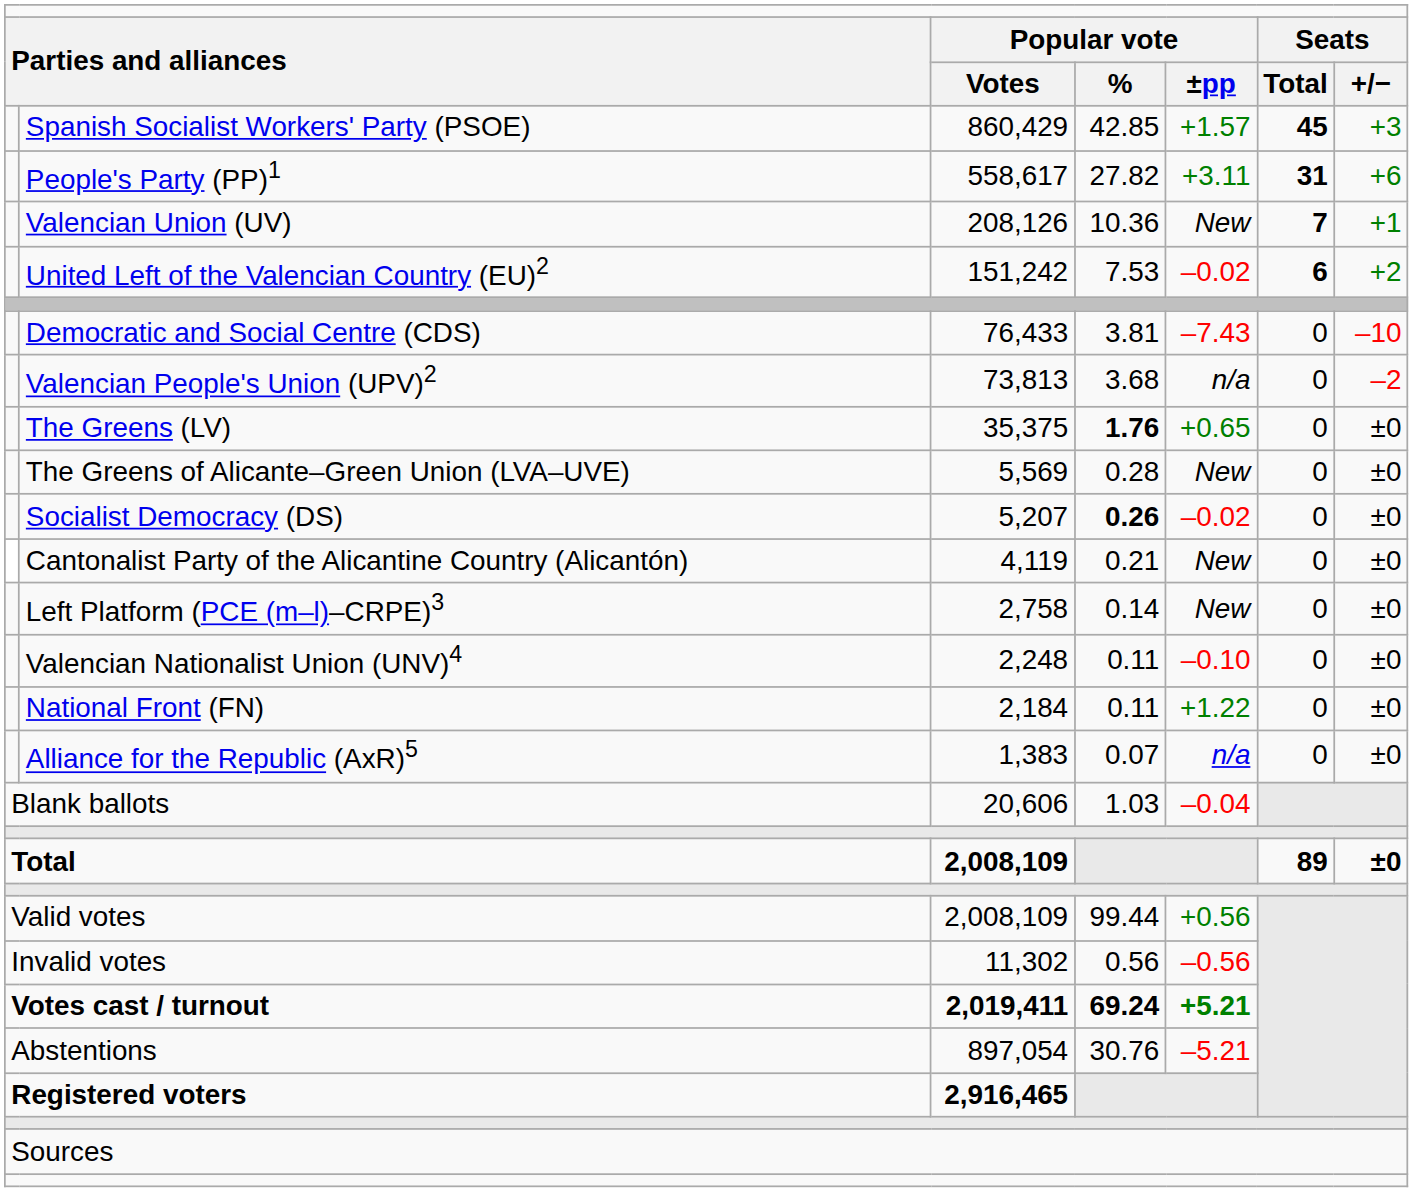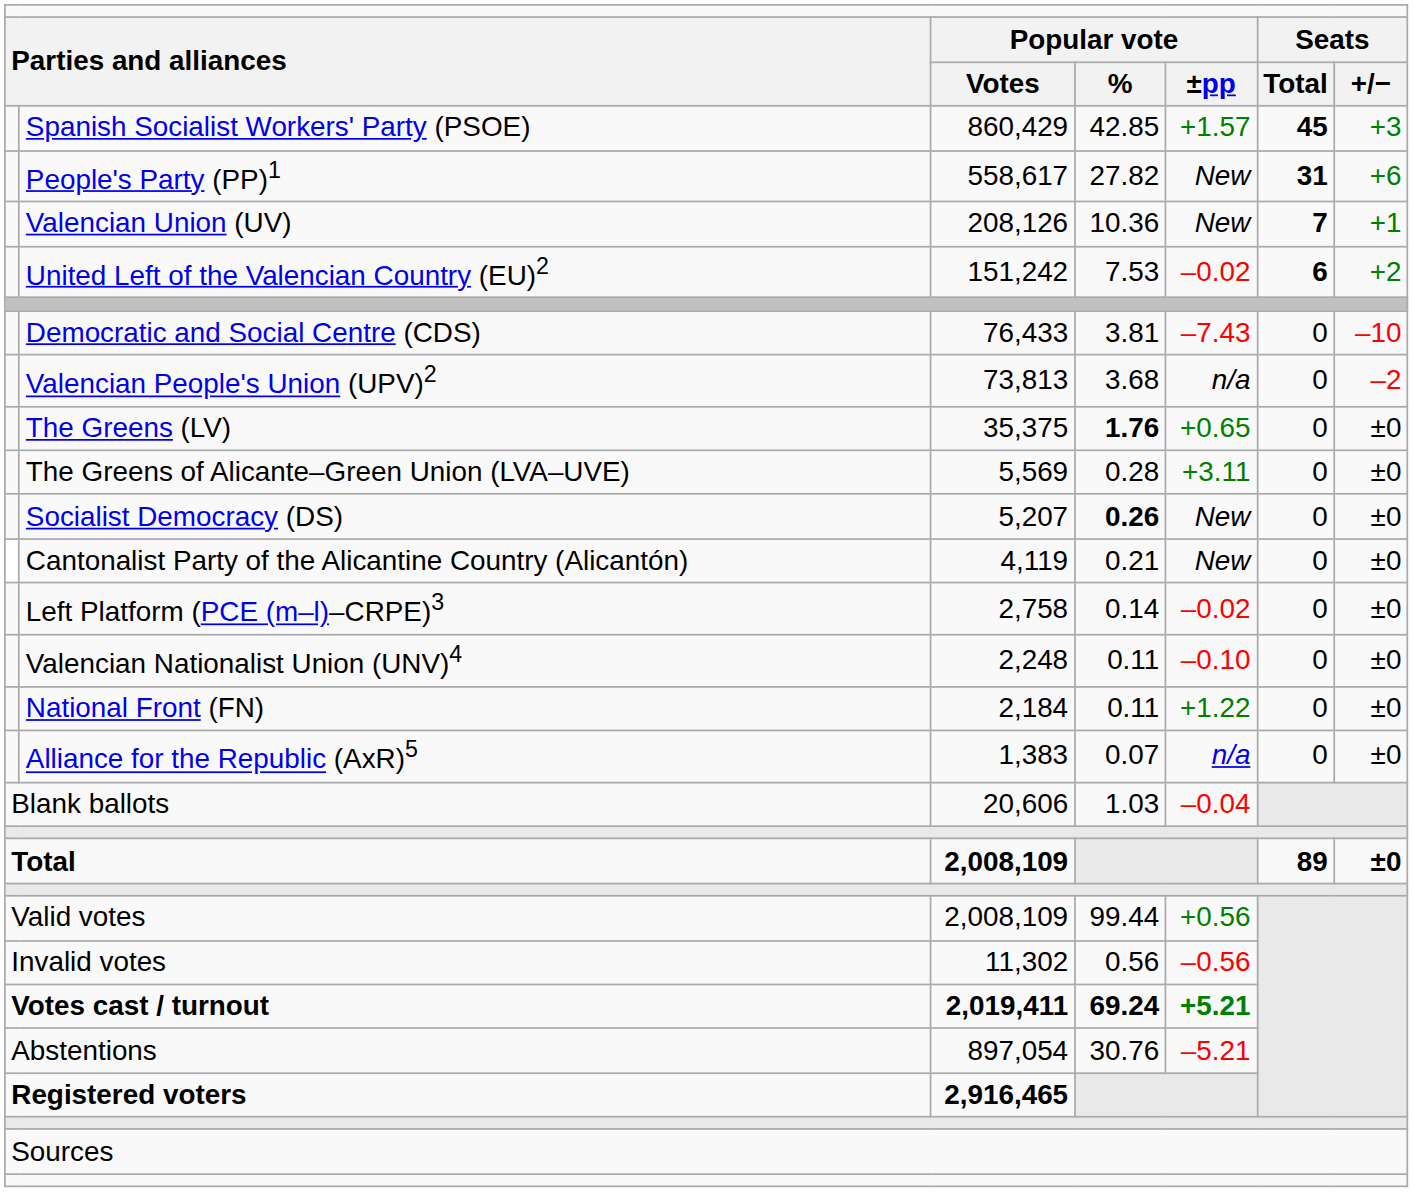 <table class="wikitable" style="text-align:right;">
 <tr>
 <td colspan="7"></td>
 </tr>
 <tr>
 <th style="text-align:left;" rowspan="2" colspan="2" width="525">Parties and alliances</th>
 <th colspan="3">Popular vote</th>
 <th colspan="2">Seats</th>
 </tr>
 <tr>
 <th width="75">Votes</th>
 <th width="45">%</th>
 <th width="45">±<a href='#'>pp</a></th>
 <th width="35">Total</th>
 <th width="35">+/−</th>
 </tr>
 <tr>
 <td width="1" style="color:inherit;background:"></td>
 <td align="left"><a href='#'>Spanish Socialist Workers' Party</a> (PSOE)</td>
 <td>860,429</td>
 <td>42.85</td>
 <td style="color:green;">+1.57</td>
 <td><strong>45</strong></td>
 <td style="color:green;">+3</td>
 </tr>
 <tr>
 <td style="color:inherit;background:"></td>
 <td align="left"><a href='#'>People's Party</a> (PP)<sup>1</sup></td>
 <td>558,617</td>
 <td>27.82</td>
-<td style="color:green;">+3.11</td>
+<td><em>New</em></td>
 <td><strong>31</strong></td>
 <td style="color:green;">+6</td>
 </tr>
 <tr>
 <td style="color:inherit;background:"></td>
 <td align="left"><a href='#'>Valencian Union</a> (UV)</td>
 <td>208,126</td>
 <td>10.36</td>
 <td><em>New</em></td>
 <td><strong>7</strong></td>
 <td style="color:green;">+1</td>
 </tr>
 <tr>
 <td style="color:inherit;background:"></td>
 <td align="left"><a href='#'>United Left of the Valencian Country</a> (EU)<sup>2</sup></td>
 <td>151,242</td>
 <td>7.53</td>
 <td style="color:red;">–0.02</td>
 <td><strong>6</strong></td>
 <td style="color:green;">+2</td>
 </tr>
 <tr>
 <td colspan="7" bgcolor="#C0C0C0"></td>
 </tr>
 <tr>
 <td style="color:inherit;background:"></td>
 <td align="left"><a href='#'>Democratic and Social Centre</a> (CDS)</td>
 <td>76,433</td>
 <td>3.81</td>
 <td style="color:red;">–7.43</td>
 <td>0</td>
 <td style="color:red;">–10</td>
 </tr>
 <tr>
 <td style="color:inherit;background:"></td>
 <td align="left"><a href='#'>Valencian People's Union</a> (UPV)<sup>2</sup></td>
 <td>73,813</td>
 <td>3.68</td>
 <td><em>n/a</em></td>
 <td>0</td>
 <td style="color:red;">–2</td>
 </tr>
 <tr>
 <td style="color:inherit;background:"></td>
 <td align="left"><a href='#'>The Greens</a> (LV)</td>
 <td>35,375</td>
 <td><strong>1.76</strong></td>
 <td style="color:green;">+0.65</td>
 <td>0</td>
 <td>±0</td>
 </tr>
 <tr>
 <td style="color:inherit;background:"></td>
 <td align="left">The Greens of Alicante–Green Union (LVA–UVE)</td>
 <td>5,569</td>
 <td>0.28</td>
-<td><em>New</em></td>
+<td style="color:green;">+3.11</td>
 <td>0</td>
 <td>±0</td>
 </tr>
 <tr>
 <td style="color:inherit;background:"></td>
 <td align="left"><a href='#'>Socialist Democracy</a> (DS)</td>
 <td>5,207</td>
 <td><strong>0.26</strong></td>
-<td style="color:red;">–0.02</td>
+<td><em>New</em></td>
 <td>0</td>
 <td>±0</td>
 </tr>
 <tr>
 <td bgcolor="white"></td>
 <td align="left">Cantonalist Party of the Alicantine Country (Alicantón)</td>
 <td>4,119</td>
 <td>0.21</td>
 <td><em>New</em></td>
 <td>0</td>
 <td>±0</td>
 </tr>
 <tr>
 <td style="color:inherit;background:"></td>
 <td align="left">Left Platform (<a href='#'>PCE (m–l)</a>–CRPE)<sup>3</sup></td>
 <td>2,758</td>
 <td>0.14</td>
-<td><em>New</em></td>
+<td style="color:red;">–0.02</td>
 <td>0</td>
 <td>±0</td>
 </tr>
 <tr>
 <td style="color:inherit;background:"></td>
 <td align="left">Valencian Nationalist Union (UNV)<sup>4</sup></td>
 <td>2,248</td>
 <td>0.11</td>
 <td style="color:red;">–0.10</td>
 <td>0</td>
 <td>±0</td>
 </tr>
 <tr>
 <td style="color:inherit;background:"></td>
 <td align="left"><a href='#'>National Front</a> (FN)</td>
 <td>2,184</td>
 <td>0.11</td>
 <td style="color:green;">+1.22</td>
 <td>0</td>
 <td>±0</td>
 </tr>
 <tr>
 <td style="color:inherit;background:"></td>
 <td align="left"><a href='#'>Alliance for the Republic</a> (AxR)<sup>5</sup></td>
 <td>1,383</td>
 <td>0.07</td>
 <td><em><a href='#'>n/a</a></em></td>
 <td>0</td>
 <td>±0</td>
 </tr>
 <tr>
 <td align="left" colspan="2">Blank ballots</td>
 <td>20,606</td>
 <td>1.03</td>
 <td style="color:red;">–0.04</td>
 <td bgcolor="#E9E9E9" colspan="2"></td>
 </tr>
 <tr>
 <td colspan="7" bgcolor="#E9E9E9"></td>
 </tr>
 <tr style="font-weight:bold;">
 <td align="left" colspan="2">Total</td>
 <td>2,008,109</td>
 <td bgcolor="#E9E9E9" colspan="2"></td>
 <td>89</td>
 <td>±0</td>
 </tr>
 <tr>
 <td colspan="7" bgcolor="#E9E9E9"></td>
 </tr>
 <tr>
 <td align="left" colspan="2">Valid votes</td>
 <td>2,008,109</td>
 <td>99.44</td>
 <td style="color:green;">+0.56</td>
 <td bgcolor="#E9E9E9" colspan="2" rowspan="5"></td>
 </tr>
 <tr>
 <td align="left" colspan="2">Invalid votes</td>
 <td>11,302</td>
 <td>0.56</td>
 <td style="color:red;">–0.56</td>
 </tr>
 <tr style="font-weight:bold;">
 <td align="left" colspan="2">Votes cast / turnout</td>
 <td>2,019,411</td>
 <td>69.24</td>
 <td style="color:green;">+5.21</td>
 </tr>
 <tr>
 <td align="left" colspan="2">Abstentions</td>
 <td>897,054</td>
 <td>30.76</td>
 <td style="color:red;">–5.21</td>
 </tr>
 <tr style="font-weight:bold;">
 <td align="left" colspan="2">Registered voters</td>
 <td>2,916,465</td>
 <td bgcolor="#E9E9E9" colspan="2"></td>
 </tr>
 <tr>
 <td colspan="7" bgcolor="#E9E9E9"></td>
 </tr>
 <tr>
 <td align="left" colspan="7">Sources</td>
 </tr>
 <tr>
 <td colspan="7" style="text-align:left; max-width:790px;"></td>
 </tr>
 </table>
